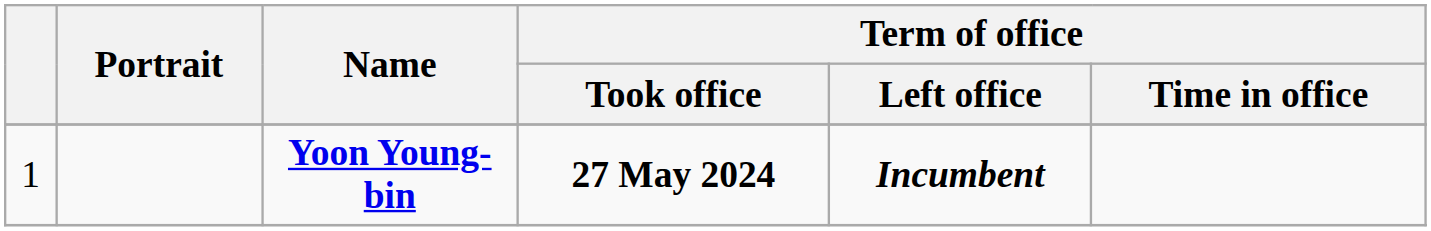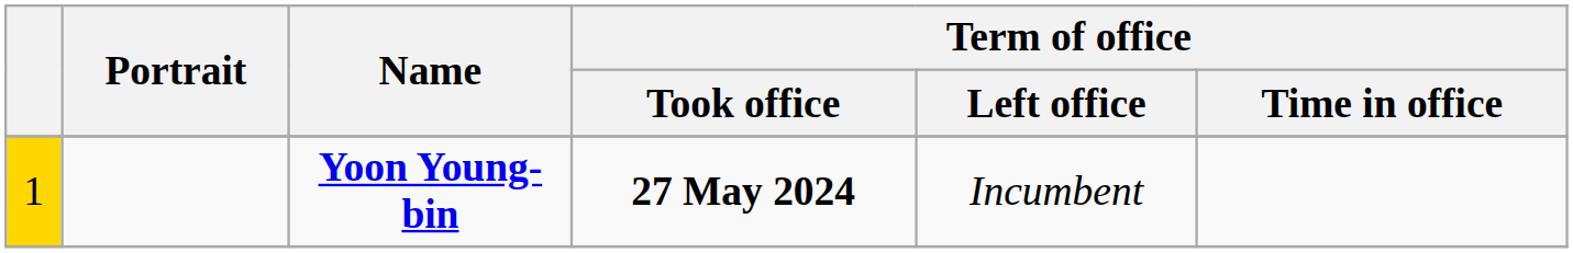 <table class="wikitable" style="text-align:center">
 <tr>
 <th rowspan="2"></th>
 <th rowspan="2">Portrait</th>
 <th rowspan="2" width="18%">Name</th>
 <th colspan="3">Term of office</th>
 </tr>
 <tr>
 <th>Took office</th>
 <th>Left office</th>
 <th>Time in office</th>
 </tr>
 <tr>
 </tr>
 <tr>
-<td>1</td>
+<td style="background: gold;">1</td>
 <td></td>
 <td><strong><a href='#'>Yoon Young-bin</a></strong><br></td>
 <td><strong>27 May 2024</strong></td>
-<td><strong><em>Incumbent</em></strong></td>
+<td><em>Incumbent</em></td>
 <td></td>
 </tr>
 <tr>
 </tr>
 </table>
